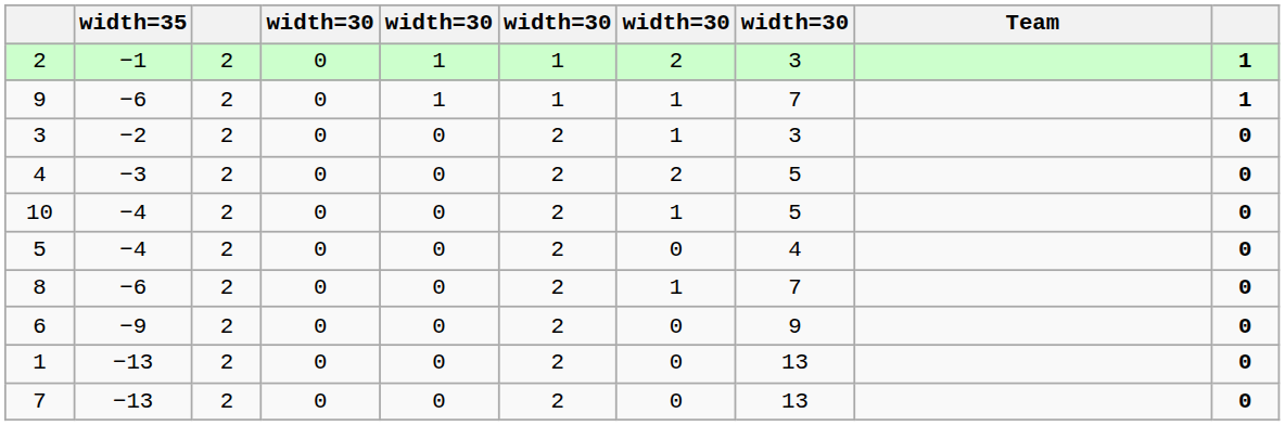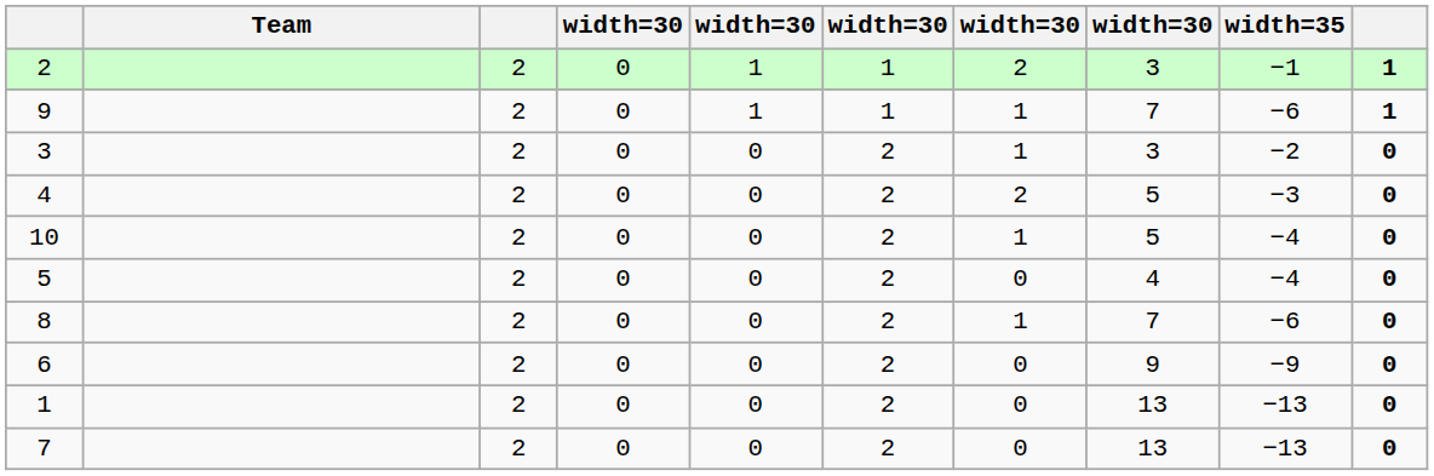 <table class="wikitable" style="text-align: center; font-size: 90%;">
 <tr>
 <th width=30></th>
-<th>width=35</th>
+<th width=180>Team</th>
 <th width=30></th>
 <th>width=30</th>
 <th>width=30</th>
 <th>width=30</th>
 <th>width=30</th>
 <th>width=30</th>
-<th width=180>Team</th>
+<th>width=35</th>
 <th width=30></th>
 </tr>
 <tr bgcolor=ccffcc>
 <td>2</td>
-<td>−1</td>
+<td align="left"></td>
 <td>2</td>
 <td>0</td>
 <td>1</td>
 <td>1</td>
 <td>2</td>
 <td>3</td>
-<td align="left"></td>
+<td>−1</td>
 <td><strong>1</strong></td>
 </tr>
 <tr>
 <td>9</td>
-<td>−6</td>
+<td align="left"></td>
 <td>2</td>
 <td>0</td>
 <td>1</td>
 <td>1</td>
 <td>1</td>
 <td>7</td>
-<td align="left"></td>
+<td>−6</td>
 <td><strong>1</strong></td>
 </tr>
 <tr>
 <td>3</td>
-<td>−2</td>
+<td align="left"></td>
 <td>2</td>
 <td>0</td>
 <td>0</td>
 <td>2</td>
 <td>1</td>
 <td>3</td>
-<td align="left"></td>
+<td>−2</td>
 <td><strong>0</strong></td>
 </tr>
 <tr>
 <td>4</td>
-<td>−3</td>
+<td align="left"></td>
 <td>2</td>
 <td>0</td>
 <td>0</td>
 <td>2</td>
 <td>2</td>
 <td>5</td>
-<td align="left"></td>
+<td>−3</td>
 <td><strong>0</strong></td>
 </tr>
 <tr>
 <td>10</td>
-<td>−4</td>
+<td align="left"></td>
 <td>2</td>
 <td>0</td>
 <td>0</td>
 <td>2</td>
 <td>1</td>
 <td>5</td>
-<td align="left"></td>
+<td>−4</td>
 <td><strong>0</strong></td>
 </tr>
 <tr>
 <td>5</td>
-<td>−4</td>
+<td align="left"></td>
 <td>2</td>
 <td>0</td>
 <td>0</td>
 <td>2</td>
 <td>0</td>
 <td>4</td>
-<td align="left"></td>
+<td>−4</td>
 <td><strong>0</strong></td>
 </tr>
 <tr>
 <td>8</td>
-<td>−6</td>
+<td align="left"></td>
 <td>2</td>
 <td>0</td>
 <td>0</td>
 <td>2</td>
 <td>1</td>
 <td>7</td>
-<td align="left"></td>
+<td>−6</td>
 <td><strong>0</strong></td>
 </tr>
 <tr>
 <td>6</td>
-<td>−9</td>
+<td align="left"></td>
 <td>2</td>
 <td>0</td>
 <td>0</td>
 <td>2</td>
 <td>0</td>
 <td>9</td>
-<td align="left"></td>
+<td>−9</td>
 <td><strong>0</strong></td>
 </tr>
 <tr>
 <td>1</td>
-<td>−13</td>
+<td align="left"></td>
 <td>2</td>
 <td>0</td>
 <td>0</td>
 <td>2</td>
 <td>0</td>
 <td>13</td>
-<td align="left"></td>
+<td>−13</td>
 <td><strong>0</strong></td>
 </tr>
 <tr>
 <td>7</td>
-<td>−13</td>
+<td align="left"></td>
 <td>2</td>
 <td>0</td>
 <td>0</td>
 <td>2</td>
 <td>0</td>
 <td>13</td>
-<td align="left"></td>
+<td>−13</td>
 <td><strong>0</strong></td>
 </tr>
 </table>
